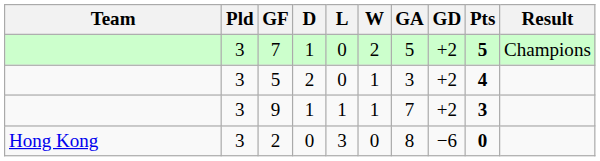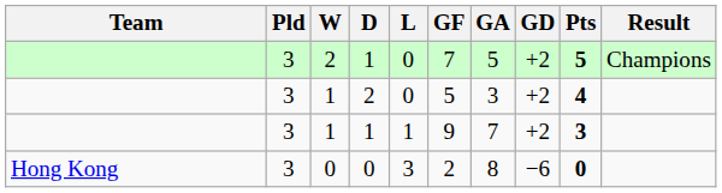 <table class="wikitable" style="text-align: center;">
 <tr>
 <th width=175>Team</th>
 <th width=20>Pld</th>
-<th width=20>GF</th>
+<th width=20>W</th>
 <th width=20>D</th>
 <th width=20>L</th>
-<th width=20>W</th>
+<th width=20>GF</th>
 <th width=20>GA</th>
 <th width=20>GD</th>
 <th width=20>Pts</th>
 <th>Result</th>
 </tr>
 <tr bgcolor=#ccffcc>
 <td align="left"></td>
 <td>3</td>
-<td>7</td>
+<td>2</td>
 <td>1</td>
 <td>0</td>
-<td>2</td>
+<td>7</td>
 <td>5</td>
 <td>+2</td>
 <td><strong>5</strong></td>
 <td>Champions</td>
 </tr>
 <tr>
 <td align="left"></td>
 <td>3</td>
-<td>5</td>
+<td>1</td>
 <td>2</td>
 <td>0</td>
-<td>1</td>
+<td>5</td>
 <td>3</td>
 <td>+2</td>
 <td><strong>4</strong></td>
 <td></td>
 </tr>
 <tr>
 <td align="left"></td>
 <td>3</td>
-<td>9</td>
 <td>1</td>
 <td>1</td>
 <td>1</td>
+<td>9</td>
 <td>7</td>
 <td>+2</td>
 <td><strong>3</strong></td>
 <td></td>
 </tr>
 <tr>
 <td align="left"> <a href='#'>Hong Kong</a></td>
 <td>3</td>
-<td>2</td>
+<td>0</td>
 <td>0</td>
 <td>3</td>
-<td>0</td>
+<td>2</td>
 <td>8</td>
 <td>−6</td>
 <td><strong>0</strong></td>
 <td></td>
 </tr>
 </table>
